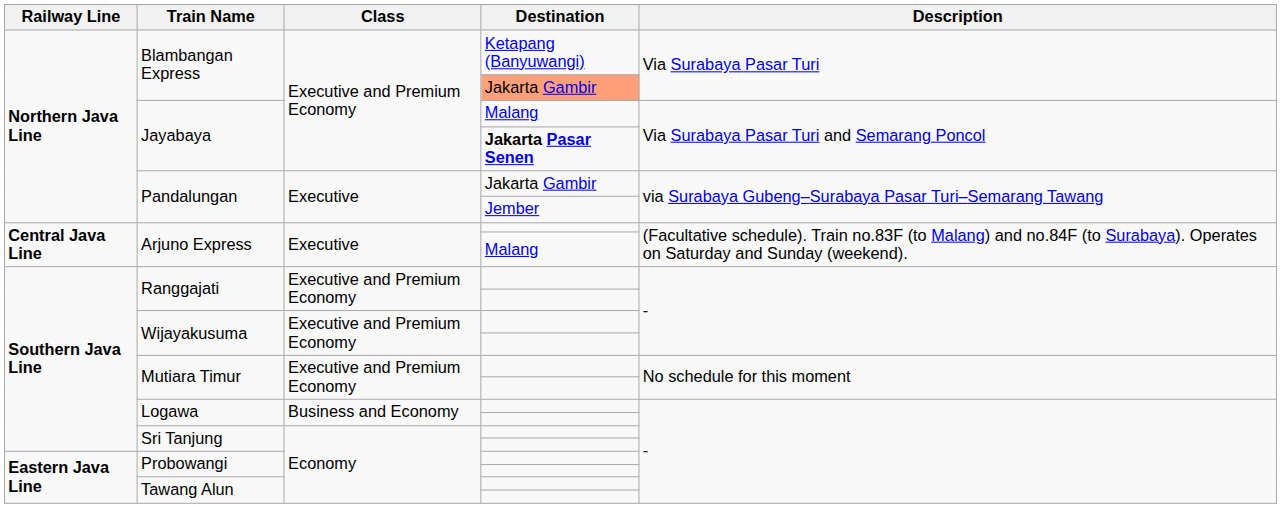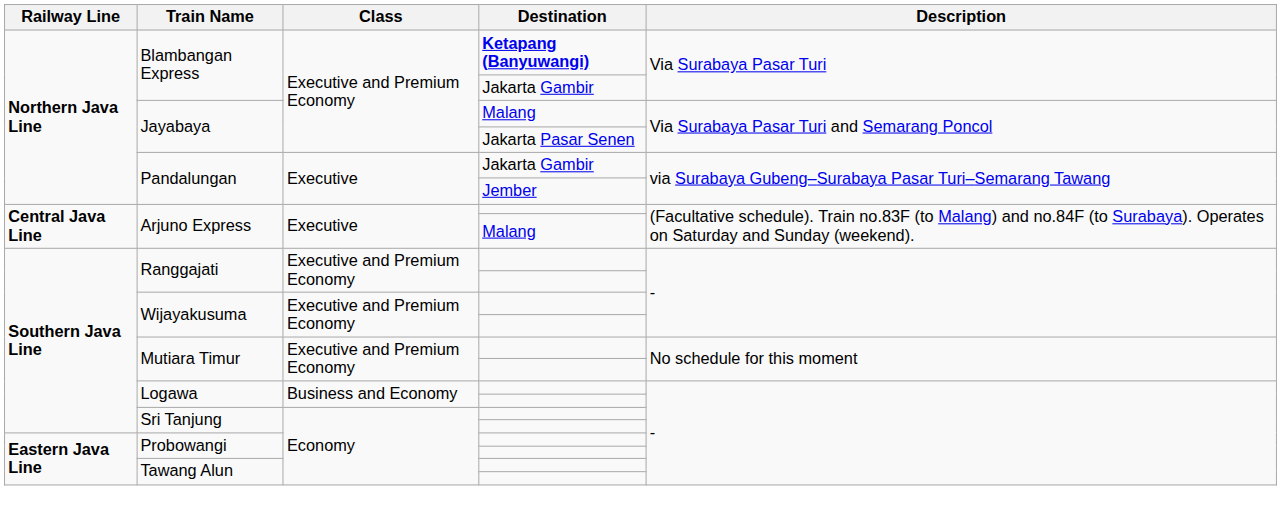 <table class="wikitable sortable">
 <tr>
 <th>Railway Line</th>
 <th>Train Name</th>
 <th>Class</th>
 <th>Destination</th>
 <th>Description</th>
 </tr>
 <tr>
 <td rowspan="6"><strong>Northern Java Line</strong></td>
 <td rowspan="2">Blambangan Express</td>
 <td rowspan="4">Executive and Premium Economy</td>
-<td><a href='#'>Ketapang (Banyuwangi)</a></td>
+<td><strong><a href='#'>Ketapang (Banyuwangi)</a></strong></td>
 <td rowspan="2">Via <a href='#'>Surabaya Pasar Turi</a></td>
 </tr>
 <tr>
-<td style="background: lightsalmon;">Jakarta <a href='#'>Gambir</a></td>
+<td>Jakarta <a href='#'>Gambir</a></td>
 </tr>
 <tr>
 <td rowspan="2">Jayabaya</td>
 <td><a href='#'>Malang</a></td>
 <td rowspan="2">Via <a href='#'>Surabaya Pasar Turi</a> and <a href='#'>Semarang Poncol</a></td>
 </tr>
 <tr>
-<td><strong>Jakarta <a href='#'>Pasar Senen</a></strong></td>
+<td>Jakarta <a href='#'>Pasar Senen</a></td>
 </tr>
 <tr>
 <td rowspan="2">Pandalungan</td>
 <td rowspan="2">Executive</td>
 <td>Jakarta <a href='#'>Gambir</a></td>
 <td rowspan="2">via <a href='#'>Surabaya Gubeng–</a><a href='#'>Surabaya Pasar Turi–</a><a href='#'>Semarang Tawang</a></td>
 </tr>
 <tr>
 <td><a href='#'>Jember</a></td>
 </tr>
 <tr>
 <td rowspan="2"><strong>Central Java Line</strong></td>
 <td rowspan="2">Arjuno Express</td>
 <td rowspan="2">Executive</td>
 <td></td>
 <td rowspan="2">(Facultative schedule). Train no.83F (to <a href='#'>Malang</a>) and no.84F (to <a href='#'>Surabaya</a>). Operates on Saturday and Sunday (weekend).</td>
 </tr>
 <tr>
 <td><a href='#'>Malang</a></td>
 </tr>
 <tr>
 <td rowspan="10"><strong>Southern Java Line</strong></td>
 <td rowspan="2">Ranggajati</td>
 <td rowspan="2">Executive and Premium Economy</td>
 <td></td>
 <td rowspan="4">-</td>
 </tr>
 <tr>
 <td></td>
 </tr>
 <tr>
 <td rowspan="2">Wijayakusuma</td>
 <td rowspan="2">Executive and Premium Economy</td>
 <td></td>
 </tr>
 <tr>
 <td></td>
 </tr>
 <tr>
 <td rowspan="2">Mutiara Timur</td>
 <td rowspan="2">Executive and Premium Economy</td>
 <td></td>
 <td rowspan="2">No schedule for this moment</td>
 </tr>
 <tr>
 <td></td>
 </tr>
 <tr>
 <td rowspan="2">Logawa</td>
 <td rowspan="2">Business and Economy</td>
 <td></td>
 <td rowspan="8">-</td>
 </tr>
 <tr>
 <td></td>
 </tr>
 <tr>
 <td rowspan="2">Sri Tanjung</td>
 <td rowspan="6">Economy</td>
 <td></td>
 </tr>
 <tr>
 <td></td>
 </tr>
 <tr>
 <td rowspan="4"><strong>Eastern Java Line</strong></td>
 <td rowspan="2">Probowangi</td>
 <td></td>
 </tr>
 <tr>
 <td></td>
 </tr>
 <tr>
 <td rowspan="2">Tawang Alun</td>
 <td></td>
 </tr>
 <tr>
 <td></td>
 </tr>
 </table>
